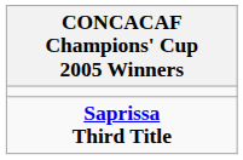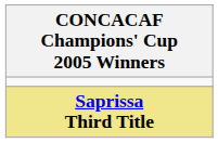 <table class="wikitable" style="text-align: center; margin: 0 auto; width: 20%">
 <tr>
 <th>CONCACAF Champions' Cup<br>2005 Winners</th>
 </tr>
 <tr>
 <td></td>
 </tr>
 <tr>
-<td><strong><a href='#'>Saprissa</a></strong><br><strong>Third Title</strong></td>
+<td style="background: khaki;"><strong><a href='#'>Saprissa</a></strong><br><strong>Third Title</strong></td>
 </tr>
 </table>
